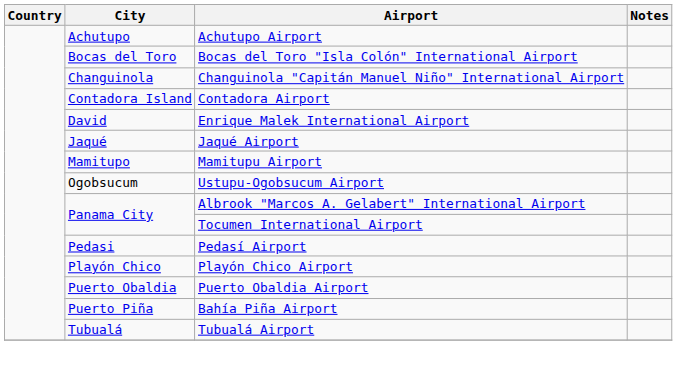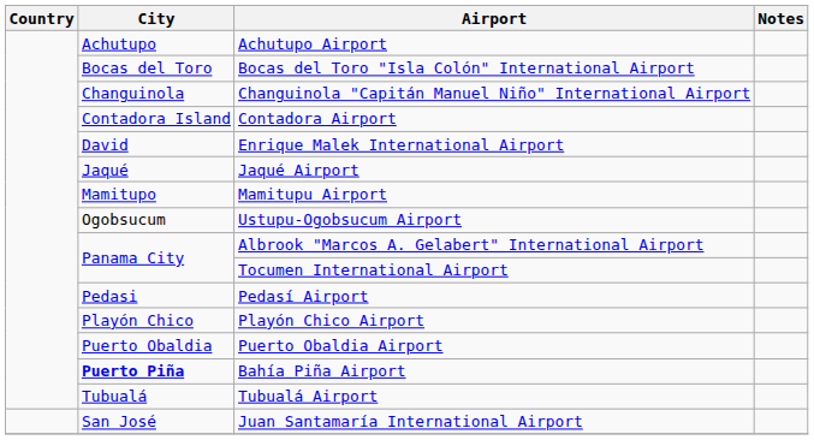 <table class="sortable wikitable">
 <tr>
 <th>Country</th>
 <th>City</th>
 <th>Airport</th>
 <th>Notes</th>
 </tr>
 <tr>
 <td rowspan=15></td>
 <td><a href='#'>Achutupo</a></td>
 <td><a href='#'>Achutupo Airport</a></td>
 <td align=center></td>
 </tr>
 <tr>
 <td><a href='#'>Bocas del Toro</a></td>
 <td><a href='#'>Bocas del Toro "Isla Colón" International Airport</a></td>
 <td align=center></td>
 </tr>
 <tr>
 <td><a href='#'>Changuinola</a></td>
 <td><a href='#'>Changuinola "Capitán Manuel Niño" International Airport</a></td>
 <td align=center></td>
 </tr>
 <tr>
 <td><a href='#'>Contadora Island</a></td>
 <td><a href='#'>Contadora Airport</a></td>
 </tr>
 <tr>
 <td><a href='#'>David</a></td>
 <td><a href='#'>Enrique Malek International Airport</a></td>
 <td></td>
 </tr>
 <tr>
 <td><a href='#'>Jaqué</a></td>
 <td><a href='#'>Jaqué Airport</a></td>
 <td align=center></td>
 </tr>
 <tr>
 <td><a href='#'>Mamitupo</a></td>
 <td><a href='#'>Mamitupu Airport</a></td>
 <td align=center></td>
 </tr>
 <tr>
 <td>Ogobsucum</td>
 <td><a href='#'>Ustupu-Ogobsucum Airport</a></td>
 <td align=center></td>
 </tr>
 <tr>
 <td rowspan=2><a href='#'>Panama City</a></td>
 <td><a href='#'>Albrook "Marcos A. Gelabert" International Airport</a></td>
 <td></td>
 </tr>
 <tr>
 <td><a href='#'>Tocumen International Airport</a></td>
 <td align=center></td>
 </tr>
 <tr>
 <td><a href='#'>Pedasi</a></td>
 <td><a href='#'>Pedasí Airport</a></td>
 <td align=center></td>
 </tr>
 <tr>
 <td><a href='#'>Playón Chico</a></td>
 <td><a href='#'>Playón Chico Airport</a></td>
 <td align=center></td>
 </tr>
 <tr>
 <td><a href='#'>Puerto Obaldia</a></td>
 <td><a href='#'>Puerto Obaldia Airport</a></td>
 <td align=center></td>
 </tr>
 <tr>
-<td><a href='#'>Puerto Piña</a></td>
+<td><strong><a href='#'>Puerto Piña</a></strong></td>
 <td><a href='#'>Bahía Piña Airport</a></td>
 <td align=center></td>
 </tr>
 <tr>
 <td><a href='#'>Tubualá</a></td>
 <td><a href='#'>Tubualá Airport</a></td>
 <td align=center></td>
 </tr>
 <tr>
+<td></td>
+<td><a href='#'>San José</a></td>
+<td><a href='#'>Juan Santamaría International Airport</a></td>
+<td align=center></td>
+</tr>
+<tr>
 </tr>
 </table>
